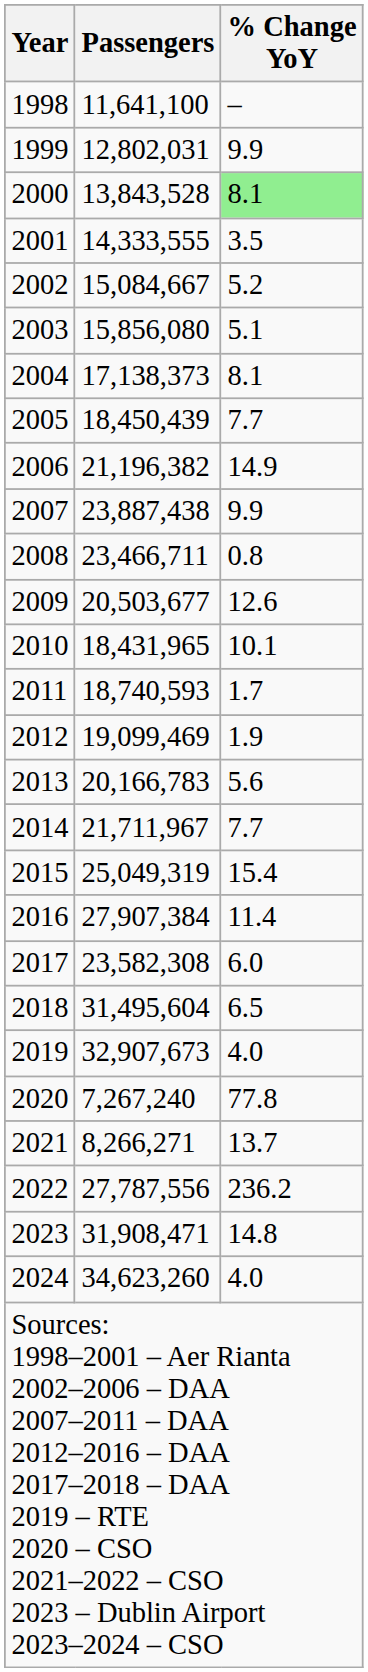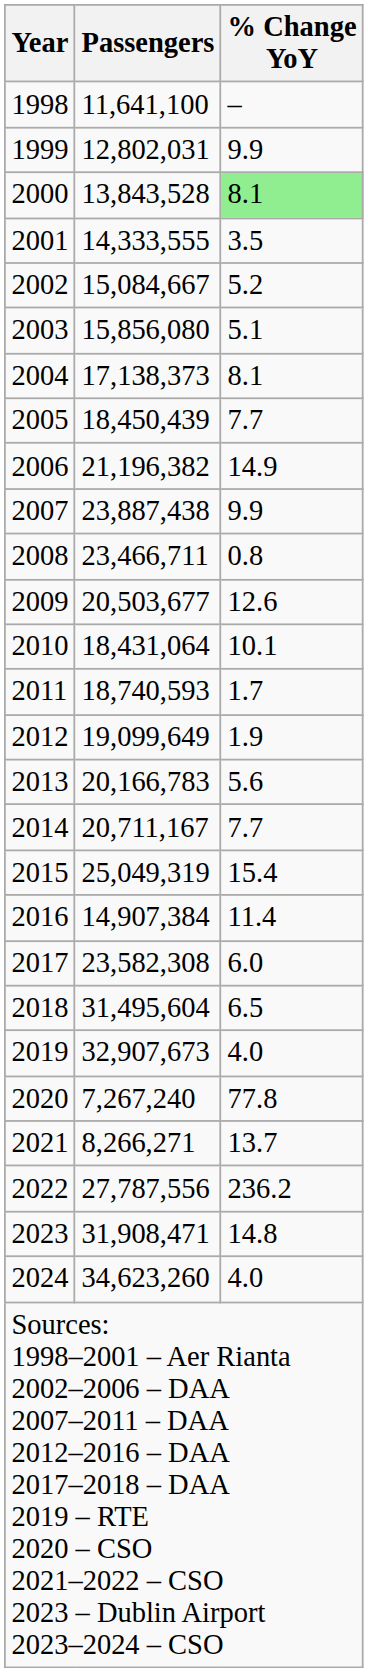 <table class="wikitable sortable" style="text-align:left;">
 <tr>
 <th>Year</th>
 <th>Passengers</th>
 <th>% Change<br>YoY</th>
 </tr>
 <tr>
 <td>1998</td>
 <td>11,641,100</td>
 <td>–</td>
 </tr>
 <tr>
 <td>1999</td>
 <td>12,802,031</td>
 <td>9.9</td>
 </tr>
 <tr>
 <td>2000</td>
 <td>13,843,528</td>
 <td style="background: lightgreen;">8.1</td>
 </tr>
 <tr>
 <td>2001</td>
 <td>14,333,555</td>
 <td>3.5</td>
 </tr>
 <tr>
 <td>2002</td>
 <td>15,084,667</td>
 <td>5.2</td>
 </tr>
 <tr>
 <td>2003</td>
 <td>15,856,080</td>
 <td>5.1</td>
 </tr>
 <tr>
 <td>2004</td>
 <td>17,138,373</td>
 <td>8.1</td>
 </tr>
 <tr>
 <td>2005</td>
 <td>18,450,439</td>
 <td>7.7</td>
 </tr>
 <tr>
 <td>2006</td>
 <td>21,196,382</td>
 <td>14.9</td>
 </tr>
 <tr>
 <td>2007</td>
 <td>23,887,438</td>
 <td>9.9</td>
 </tr>
 <tr>
 <td>2008</td>
 <td>23,466,711</td>
 <td>0.8</td>
 </tr>
 <tr>
 <td>2009</td>
 <td>20,503,677</td>
 <td>12.6</td>
 </tr>
 <tr>
 <td>2010</td>
-<td>18,431,965</td>
+<td>18,431,064</td>
 <td>10.1</td>
 </tr>
 <tr>
 <td>2011</td>
 <td>18,740,593</td>
 <td>1.7</td>
 </tr>
 <tr>
 <td>2012</td>
-<td>19,099,469</td>
+<td>19,099,649</td>
 <td>1.9</td>
 </tr>
 <tr>
 <td>2013</td>
 <td>20,166,783</td>
 <td>5.6</td>
 </tr>
 <tr>
 <td>2014</td>
-<td>21,711,967</td>
+<td>20,711,167</td>
 <td>7.7</td>
 </tr>
 <tr>
 <td>2015</td>
 <td>25,049,319</td>
 <td>15.4</td>
 </tr>
 <tr>
 <td>2016</td>
-<td>27,907,384</td>
+<td>14,907,384</td>
 <td>11.4</td>
 </tr>
 <tr>
 <td>2017</td>
 <td>23,582,308</td>
 <td>6.0</td>
 </tr>
 <tr>
 <td>2018</td>
 <td>31,495,604</td>
 <td>6.5</td>
 </tr>
 <tr>
 <td>2019</td>
 <td>32,907,673</td>
 <td>4.0</td>
 </tr>
 <tr>
 <td>2020</td>
 <td>7,267,240</td>
 <td>77.8</td>
 </tr>
 <tr>
 <td>2021</td>
 <td>8,266,271</td>
 <td>13.7</td>
 </tr>
 <tr>
 <td>2022</td>
 <td>27,787,556</td>
 <td>236.2</td>
 </tr>
 <tr>
 <td>2023</td>
 <td>31,908,471</td>
 <td>14.8</td>
 </tr>
 <tr>
 <td>2024</td>
 <td>34,623,260</td>
 <td>4.0</td>
 </tr>
 <tr class="sortbottom">
 <td colspan="3" style="text-align:left;">Sources:<br>1998–2001 – Aer Rianta <br>2002–2006 – DAA <br>2007–2011 – DAA <br>2012–2016 – DAA <br>2017–2018 – DAA <br>2019 – RTE <br>2020 – CSO <br>2021–2022 – CSO <br>2023 – Dublin Airport  <br>2023–2024 – CSO</td>
 </tr>
 </table>
